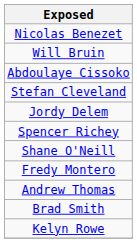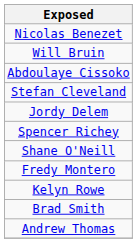 <table class="wikitable" style="text-align:center">
 <tr>
 <th>Exposed</th>
 </tr>
 <tr>
 <td><a href='#'>Nicolas Benezet</a></td>
 </tr>
 <tr>
 <td><a href='#'>Will Bruin</a></td>
 </tr>
 <tr>
 <td><a href='#'>Abdoulaye Cissoko</a></td>
 </tr>
 <tr>
 <td><a href='#'>Stefan Cleveland</a></td>
 </tr>
 <tr>
 <td><a href='#'>Jordy Delem</a></td>
 </tr>
 <tr>
 <td><a href='#'>Spencer Richey</a></td>
 </tr>
 <tr>
 <td><a href='#'>Shane O'Neill</a></td>
 </tr>
 <tr>
 <td><a href='#'>Fredy Montero</a></td>
 </tr>
 <tr>
-<td><a href='#'>Andrew Thomas</a></td>
+<td><a href='#'>Kelyn Rowe</a></td>
 </tr>
 <tr>
 <td><a href='#'>Brad Smith</a></td>
 </tr>
 <tr>
-<td><a href='#'>Kelyn Rowe</a></td>
+<td><a href='#'>Andrew Thomas</a></td>
 </tr>
 <tr>
 </tr>
 </table>
